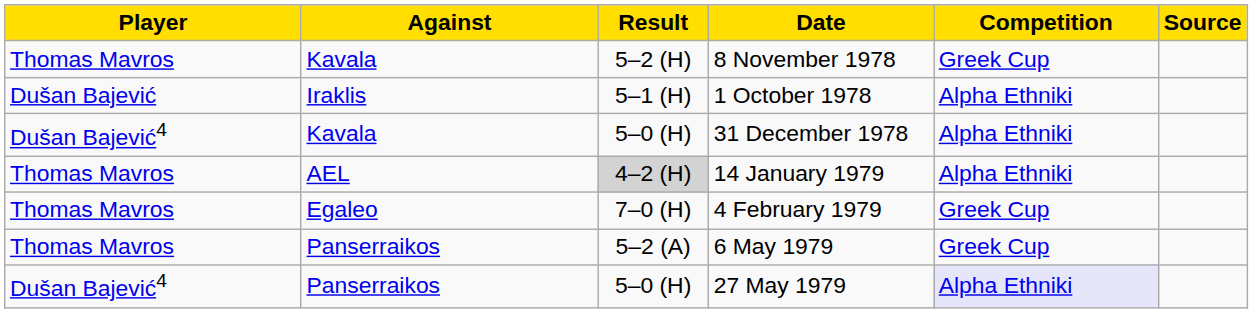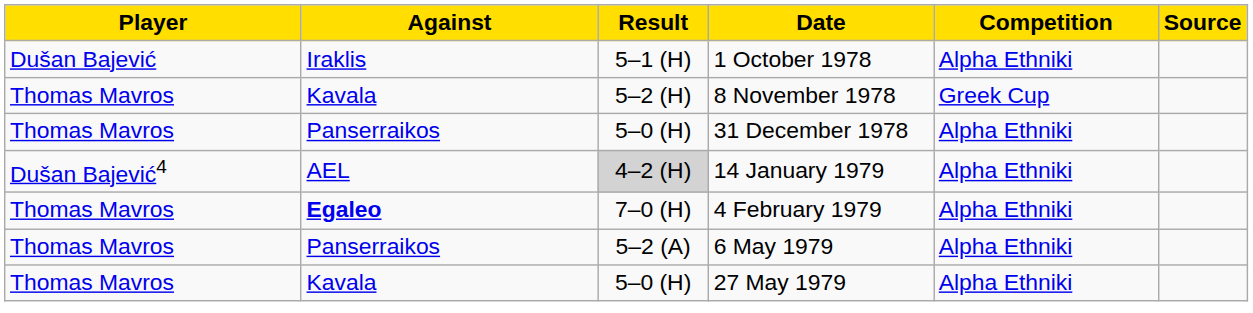 <table class="wikitable">
 <tr>
 <th width=200 style="background:#FFDE00">Player</th>
 <th width=200 style="background:#FFDE00">Against</th>
 <th width=70 style="background:#FFDE00">Result</th>
 <th width=150 style="background:#FFDE00">Date</th>
 <th width=150 style="background:#FFDE00">Competition</th>
 <th style="background:#FFDE00">Source</th>
 </tr>
 <tr>
+<td> <a href='#'>Dušan Bajević</a></td>
+<td> <a href='#'>Iraklis</a></td>
+<td align=center>5–1 (H)</td>
+<td>1 October 1978</td>
+<td><a href='#'>Alpha Ethniki</a></td>
+<td align=center></td>
+</tr>
+<tr>
 <td> <a href='#'>Thomas Mavros</a></td>
 <td> <a href='#'>Kavala</a></td>
 <td align=center>5–2 (H)</td>
 <td>8 November 1978</td>
 <td><a href='#'>Greek Cup</a></td>
 <td align=center></td>
 </tr>
 <tr>
-<td> <a href='#'>Dušan Bajević</a></td>
-<td> <a href='#'>Iraklis</a></td>
-<td align=center>5–1 (H)</td>
-<td>1 October 1978</td>
-<td><a href='#'>Alpha Ethniki</a></td>
-<td align=center></td>
-</tr>
-<tr>
-<td> <a href='#'>Dušan Bajević</a><sup>4</sup></td>
-<td> <a href='#'>Kavala</a></td>
+<td> <a href='#'>Thomas Mavros</a></td>
+<td> <a href='#'>Panserraikos</a></td>
 <td align=center>5–0 (H)</td>
 <td>31 December 1978</td>
 <td><a href='#'>Alpha Ethniki</a></td>
 <td align=center></td>
 </tr>
 <tr>
-<td> <a href='#'>Thomas Mavros</a></td>
+<td> <a href='#'>Dušan Bajević</a><sup>4</sup></td>
 <td> <a href='#'>AEL</a></td>
 <td align=center style="background: lightgrey;">4–2 (H)</td>
 <td>14 January 1979</td>
 <td><a href='#'>Alpha Ethniki</a></td>
 <td align=center></td>
 </tr>
 <tr>
 <td> <a href='#'>Thomas Mavros</a></td>
-<td> <a href='#'>Egaleo</a></td>
+<td><strong> <a href='#'>Egaleo</a></strong></td>
 <td align=center>7–0 (H)</td>
 <td>4 February 1979</td>
-<td><a href='#'>Greek Cup</a></td>
+<td><a href='#'>Alpha Ethniki</a></td>
 <td align=center></td>
 </tr>
 <tr>
 <td> <a href='#'>Thomas Mavros</a></td>
 <td> <a href='#'>Panserraikos</a></td>
 <td align=center>5–2 (A)</td>
 <td>6 May 1979</td>
-<td><a href='#'>Greek Cup</a></td>
+<td><a href='#'>Alpha Ethniki</a></td>
 <td align=center></td>
 </tr>
 <tr>
-<td> <a href='#'>Dušan Bajević</a><sup>4</sup></td>
-<td> <a href='#'>Panserraikos</a></td>
+<td> <a href='#'>Thomas Mavros</a></td>
+<td> <a href='#'>Kavala</a></td>
 <td align=center>5–0 (H)</td>
 <td>27 May 1979</td>
-<td style="background: lavender;"><a href='#'>Alpha Ethniki</a></td>
+<td><a href='#'>Alpha Ethniki</a></td>
 <td align=center></td>
 </tr>
 </table>
